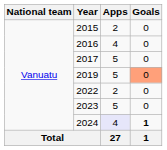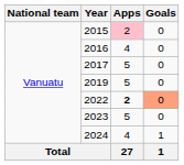 <table class="wikitable" style="text-align:center;">
 <tr>
 <th>National team</th>
 <th>Year</th>
 <th>Apps</th>
 <th>Goals</th>
 </tr>
 <tr>
 <td rowspan="7"><a href='#'>Vanuatu</a></td>
 <td>2015</td>
-<td>2</td>
+<td style="background: pink;">2</td>
 <td>0</td>
 </tr>
 <tr>
 <td>2016</td>
 <td>4</td>
 <td>0</td>
 </tr>
 <tr>
 <td>2017</td>
 <td>5</td>
 <td>0</td>
 </tr>
 <tr>
 <td>2019</td>
 <td>5</td>
-<td style="background: lightsalmon;">0</td>
+<td>0</td>
 </tr>
 <tr>
 <td>2022</td>
-<td>2</td>
-<td>0</td>
+<td><strong>2</strong></td>
+<td style="background: lightsalmon;">0</td>
 </tr>
 <tr>
 <td>2023</td>
 <td>5</td>
 <td>0</td>
 </tr>
 <tr>
 <td>2024</td>
-<td style="background: lavender;">4</td>
-<td><strong>1</strong></td>
+<td>4</td>
+<td>1</td>
 </tr>
 <tr>
 <th colspan="2">Total</th>
 <th>27</th>
 <th>1</th>
 </tr>
 </table>
